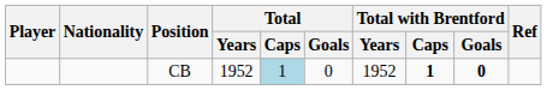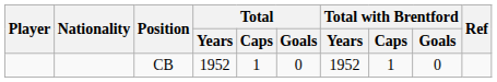 <table class="wikitable" style="text-align:center">
 <tr>
 <th rowspan="2">Player</th>
 <th rowspan="2">Nationality</th>
 <th rowspan="2">Position</th>
 <th colspan="3">Total</th>
 <th colspan="3">Total with Brentford</th>
 <th rowspan="2">Ref</th>
 </tr>
 <tr>
 <th>Years</th>
 <th>Caps</th>
 <th>Goals</th>
 <th>Years</th>
 <th>Caps</th>
 <th>Goals</th>
 </tr>
 <tr>
 <td style="text-align:left;"></td>
 <td style="text-align:left;"></td>
 <td>CB</td>
 <td>1952</td>
-<td style="background: lightblue;">1</td>
+<td>1</td>
 <td>0</td>
 <td>1952</td>
-<td><strong>1</strong></td>
-<td><strong>0</strong></td>
+<td>1</td>
+<td>0</td>
 <td></td>
 </tr>
 </table>
